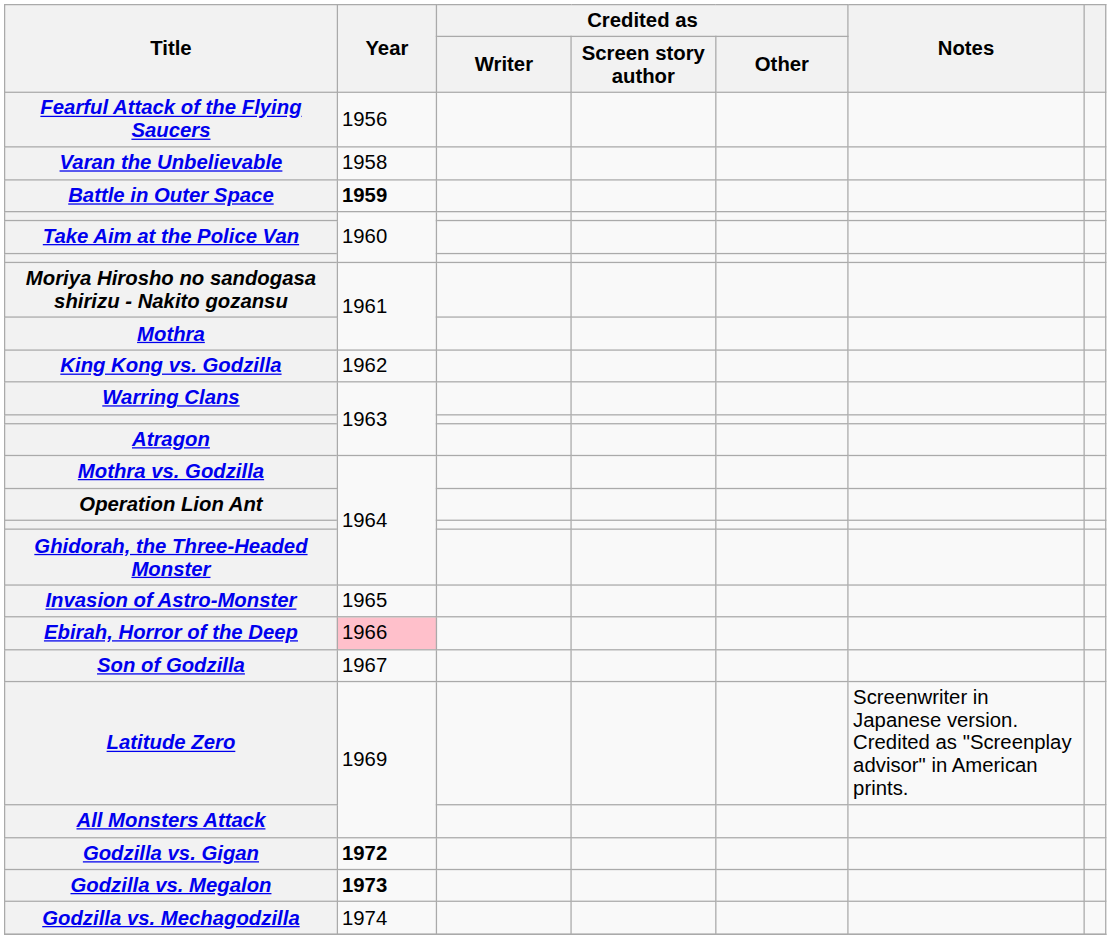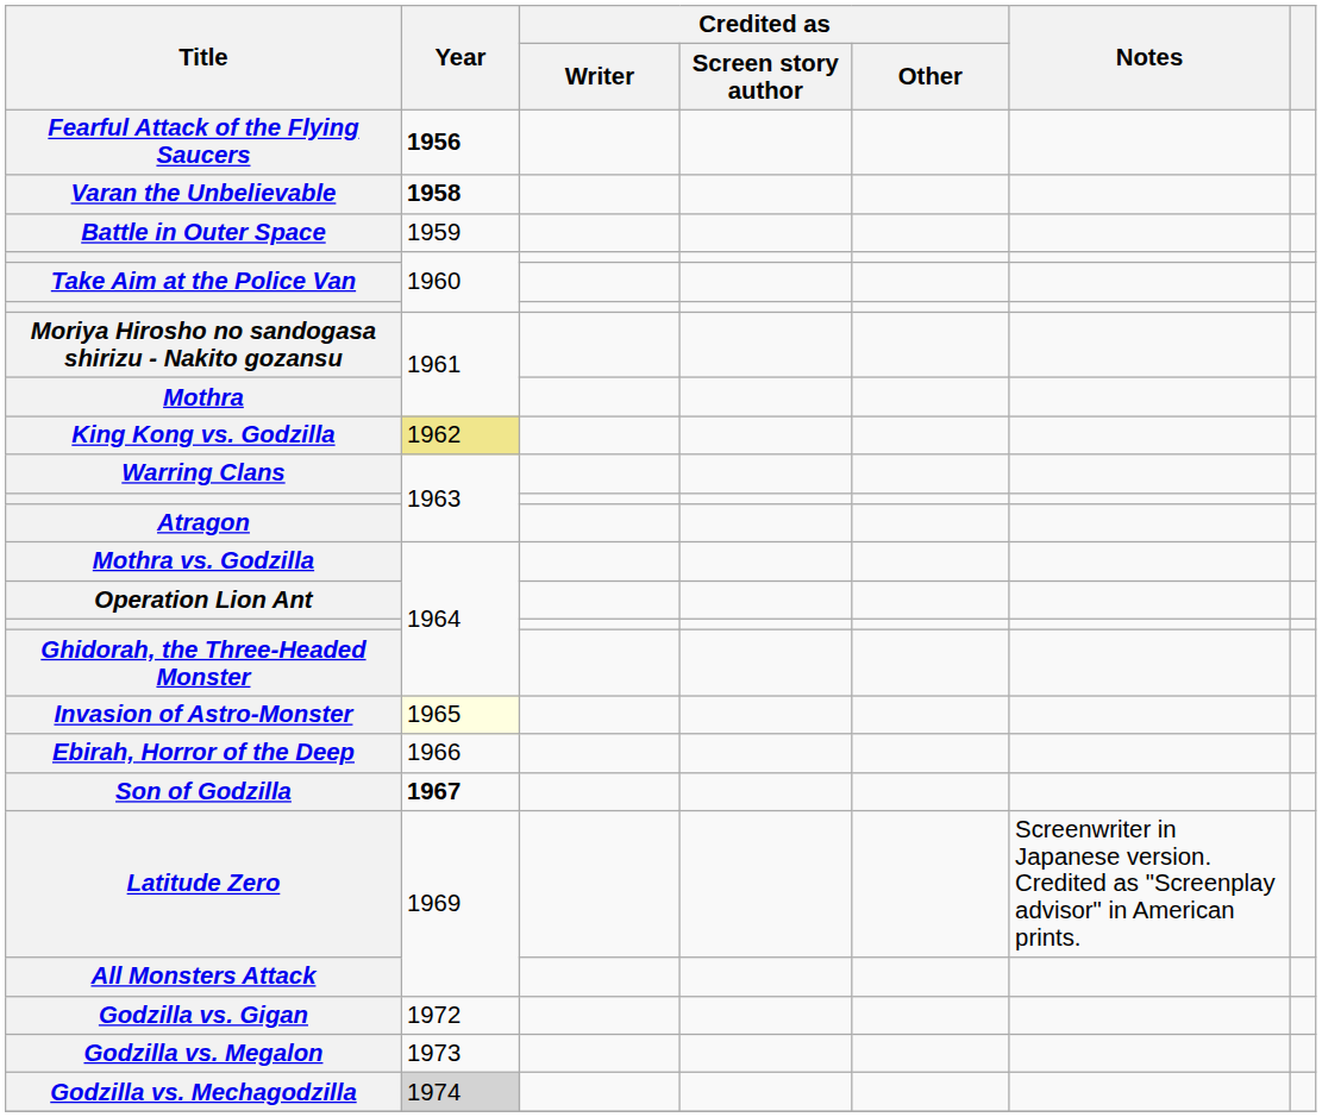 <table class="wikitable sortable plainrowheaders">
 <tr>
 <th width="15%" rowspan="2" scope="col">Title</th>
 <th width="4%" rowspan="2" scope="col">Year</th>
 <th colspan="3" scope="col">Credited as</th>
 <th width="10%" rowspan="2" scope="col" class="unsortable">Notes</th>
 <th width="1%" rowspan="2" scope="col" class="unsortable"></th>
 </tr>
 <tr>
 <th width=6%>Writer</th>
 <th width=6%>Screen story author</th>
 <th width=6%>Other</th>
 </tr>
 <tr>
 <th scope="row"><em><a href='#'>Fearful Attack of the Flying Saucers</a></em></th>
-<td>1956</td>
+<td><strong>1956</strong></td>
 <td></td>
 <td></td>
 <td></td>
 <td></td>
 <td style="text-align:center;"></td>
 </tr>
 <tr>
 <th scope="row"><em><a href='#'>Varan the Unbelievable</a></em></th>
-<td>1958</td>
+<td><strong>1958</strong></td>
 <td></td>
 <td></td>
 <td></td>
 <td></td>
 <td style="text-align:center;"></td>
 </tr>
 <tr>
 <th scope="row"><em><a href='#'>Battle in Outer Space</a></em></th>
-<td><strong>1959</strong></td>
+<td>1959</td>
 <td></td>
 <td></td>
 <td></td>
 <td></td>
 <td style="text-align:center;"></td>
 </tr>
 <tr>
 <th scope="row"></th>
 <td rowspan="3">1960</td>
 <td></td>
 <td></td>
 <td></td>
 <td></td>
 <td style="text-align:center;"></td>
 </tr>
 <tr>
 <th scope="row"><em><a href='#'>Take Aim at the Police Van</a></em></th>
 <td></td>
 <td></td>
 <td></td>
 <td></td>
 <td style="text-align:center;"></td>
 </tr>
 <tr>
 <th scope="row"></th>
 <td></td>
 <td></td>
 <td></td>
 <td></td>
 <td style="text-align:center;"></td>
 </tr>
 <tr>
 <th scope="row"><em>Moriya Hirosho no sandogasa shirizu - Nakito gozansu</em></th>
 <td rowspan="2">1961</td>
 <td></td>
 <td></td>
 <td></td>
 <td></td>
 <td style="text-align:center;"></td>
 </tr>
 <tr>
 <th scope="row"><em><a href='#'>Mothra</a></em></th>
 <td></td>
 <td></td>
 <td></td>
 <td></td>
 <td style="text-align:center;"></td>
 </tr>
 <tr>
 <th scope="row"><em><a href='#'>King Kong vs. Godzilla</a></em></th>
-<td>1962</td>
+<td style="background: khaki;">1962</td>
 <td></td>
 <td></td>
 <td></td>
 <td></td>
 <td style="text-align:center;"></td>
 </tr>
 <tr>
 <th scope="row"><em><a href='#'>Warring Clans</a></em></th>
 <td rowspan="3">1963</td>
 <td></td>
 <td></td>
 <td></td>
 <td></td>
 <td style="text-align:center;"></td>
 </tr>
 <tr>
 <th scope="row"></th>
 <td></td>
 <td></td>
 <td></td>
 <td></td>
 <td style="text-align:center;"></td>
 </tr>
 <tr>
 <th scope="row"><em><a href='#'>Atragon</a></em></th>
 <td></td>
 <td></td>
 <td></td>
 <td></td>
 <td style="text-align:center;"></td>
 </tr>
 <tr>
 <th scope="row"><em><a href='#'>Mothra vs. Godzilla</a></em></th>
 <td rowspan="4">1964</td>
 <td></td>
 <td></td>
 <td></td>
 <td></td>
 <td style="text-align:center;"></td>
 </tr>
 <tr>
 <th scope="row"><em>Operation Lion Ant</em></th>
 <td></td>
 <td></td>
 <td></td>
 <td></td>
 <td style="text-align:center;"></td>
 </tr>
 <tr>
 <th scope="row"></th>
 <td></td>
 <td></td>
 <td></td>
 <td></td>
 <td style="text-align:center;"></td>
 </tr>
 <tr>
 <th scope="row"><em><a href='#'>Ghidorah, the Three-Headed Monster</a></em></th>
 <td></td>
 <td></td>
 <td></td>
 <td></td>
 <td style="text-align:center;"></td>
 </tr>
 <tr>
 <th scope="row"><em><a href='#'>Invasion of Astro-Monster</a></em></th>
-<td>1965</td>
+<td style="background: lightyellow;">1965</td>
 <td></td>
 <td></td>
 <td></td>
 <td></td>
 <td style="text-align:center;"></td>
 </tr>
 <tr>
 <th scope="row"><em><a href='#'>Ebirah, Horror of the Deep</a></em></th>
-<td style="background: pink;">1966</td>
+<td>1966</td>
 <td></td>
 <td></td>
 <td></td>
 <td></td>
 <td style="text-align:center;"></td>
 </tr>
 <tr>
 <th scope="row"><em><a href='#'>Son of Godzilla</a></em></th>
-<td>1967</td>
+<td><strong>1967</strong></td>
 <td></td>
 <td></td>
 <td></td>
 <td></td>
 <td style="text-align:center;"></td>
 </tr>
 <tr>
 <th scope="row"><em><a href='#'>Latitude Zero</a></em></th>
 <td rowspan="2">1969</td>
 <td></td>
 <td></td>
 <td></td>
 <td>Screenwriter in Japanese version. Credited as "Screenplay advisor" in American prints.</td>
 <td style="text-align:center;"></td>
 </tr>
 <tr>
 <th scope="row"><em><a href='#'>All Monsters Attack</a></em></th>
 <td></td>
 <td></td>
 <td></td>
 <td></td>
 <td style="text-align:center;"></td>
 </tr>
 <tr>
 <th scope="row"><em><a href='#'>Godzilla vs. Gigan</a></em></th>
-<td><strong>1972</strong></td>
+<td>1972</td>
 <td></td>
 <td></td>
 <td></td>
 <td></td>
 <td style="text-align:center;"></td>
 </tr>
 <tr>
 <th scope="row"><em><a href='#'>Godzilla vs. Megalon</a></em></th>
-<td><strong>1973</strong></td>
+<td>1973</td>
 <td></td>
 <td></td>
 <td></td>
 <td></td>
 <td style="text-align:center;"></td>
 </tr>
 <tr>
 <th scope="row"><em><a href='#'>Godzilla vs. Mechagodzilla</a></em></th>
-<td>1974</td>
+<td style="background: lightgrey;">1974</td>
 <td></td>
 <td></td>
 <td></td>
 <td></td>
 <td style="text-align:center;"></td>
 </tr>
 <tr>
 </tr>
 </table>
